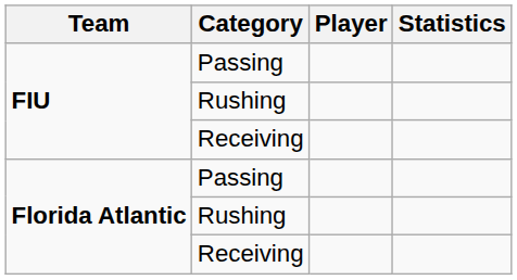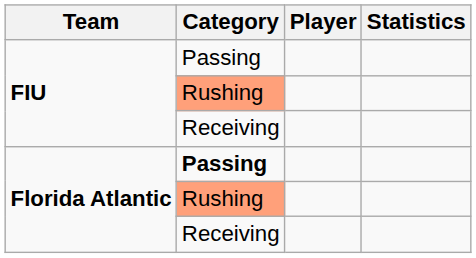 <table class="wikitable" style="float: right;">
 <tr>
 <th>Team</th>
 <th>Category</th>
 <th>Player</th>
 <th>Statistics</th>
 </tr>
 <tr>
 <td rowspan=3><strong>FIU</strong></td>
 <td>Passing</td>
 <td></td>
 <td></td>
 </tr>
 <tr>
-<td>Rushing</td>
+<td style="background: lightsalmon;">Rushing</td>
 <td></td>
 <td></td>
 </tr>
 <tr>
 <td>Receiving</td>
 <td></td>
 <td></td>
 </tr>
 <tr>
 <td rowspan=3><strong>Florida Atlantic</strong></td>
-<td>Passing</td>
+<td><strong>Passing</strong></td>
 <td></td>
 <td></td>
 </tr>
 <tr>
-<td>Rushing</td>
+<td style="background: lightsalmon;">Rushing</td>
 <td></td>
 <td></td>
 </tr>
 <tr>
 <td>Receiving</td>
 <td></td>
 <td></td>
 </tr>
 </table>
